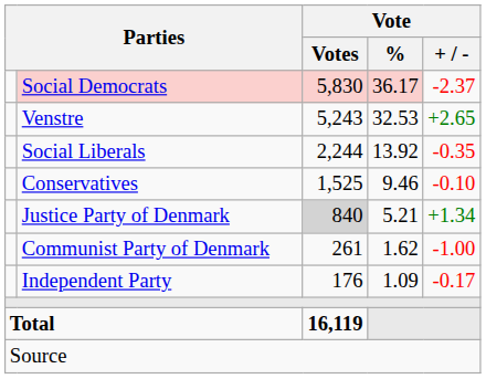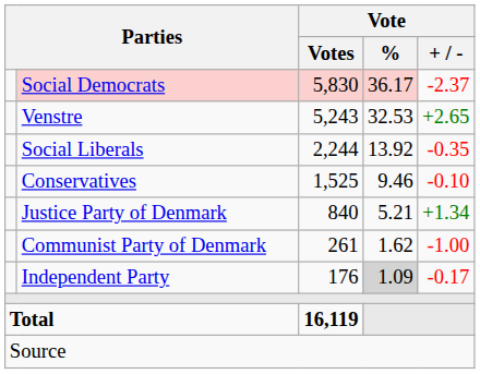 <table class="wikitable" style="text-align:right;">
 <tr>
 <th style="text-align:centre;" rowspan="2" colspan="2" width="225">Parties</th>
 <th colspan="3">Vote</th>
 </tr>
 <tr>
 <th width="15">Votes</th>
 <th width="15">%</th>
 <th width="15">+ / -</th>
 </tr>
 <tr>
 <td width="2" style="color:inherit;background:"></td>
 <td bgcolor=#fbd0ce  align="left"><a href='#'>Social Democrats</a></td>
 <td bgcolor=#fbd0ce>5,830</td>
 <td bgcolor=#fbd0ce>36.17</td>
 <td style=color:red;>-2.37</td>
 </tr>
 <tr>
 <td width="2" style="color:inherit;background:"></td>
 <td align="left"><a href='#'>Venstre</a></td>
 <td>5,243</td>
 <td>32.53</td>
 <td style=color:green;>+2.65</td>
 </tr>
 <tr>
 <td width="2" style="color:inherit;background:"></td>
 <td align="left"><a href='#'>Social Liberals</a></td>
 <td>2,244</td>
 <td>13.92</td>
 <td style=color:red;>-0.35</td>
 </tr>
 <tr>
 <td width="2" style="color:inherit;background:"></td>
 <td align="left"><a href='#'>Conservatives</a></td>
 <td>1,525</td>
 <td>9.46</td>
 <td style=color:red;>-0.10</td>
 </tr>
 <tr>
 <td width="2" style="color:inherit;background:"></td>
 <td align="left"><a href='#'>Justice Party of Denmark</a></td>
-<td style="background: lightgrey;">840</td>
+<td>840</td>
 <td>5.21</td>
 <td style=color:green;>+1.34</td>
 </tr>
 <tr>
 <td width="2" style="color:inherit;background:"></td>
 <td align="left"><a href='#'>Communist Party of Denmark</a></td>
 <td>261</td>
 <td>1.62</td>
 <td style=color:red;>-1.00</td>
 </tr>
 <tr>
 <td width="2" style="color:inherit;background:"></td>
 <td align="left"><a href='#'>Independent Party</a></td>
 <td>176</td>
-<td>1.09</td>
+<td style="background: lightgrey;">1.09</td>
 <td style=color:red;>-0.17</td>
 </tr>
 <tr>
 <td colspan="7" bgcolor="#E9E9E9"></td>
 </tr>
 <tr>
 <td align="left" colspan="2"><strong>Total</strong></td>
 <td><strong>16,119</strong></td>
 <td bgcolor="#E9E9E9" colspan="2"></td>
 </tr>
 <tr>
 <td align="left" colspan="6">Source</td>
 </tr>
 </table>
